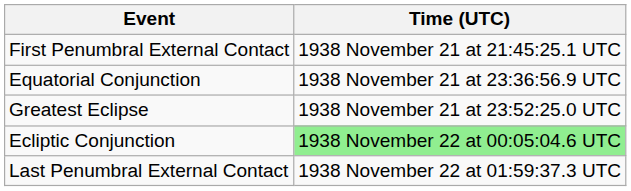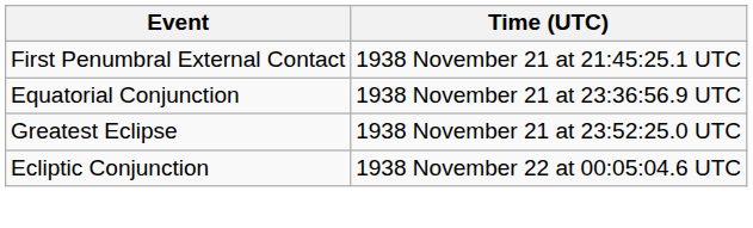 <table class="wikitable">
 <tr>
 <th>Event</th>
 <th>Time (UTC)</th>
 </tr>
 <tr>
 <td>First Penumbral External Contact</td>
 <td>1938 November 21 at 21:45:25.1 UTC</td>
 </tr>
 <tr>
 <td>Equatorial Conjunction</td>
 <td>1938 November 21 at 23:36:56.9 UTC</td>
 </tr>
 <tr>
 <td>Greatest Eclipse</td>
 <td>1938 November 21 at 23:52:25.0 UTC</td>
 </tr>
 <tr>
 <td>Ecliptic Conjunction</td>
-<td style="background: lightgreen;">1938 November 22 at 00:05:04.6 UTC</td>
-</tr>
-<tr>
-<td>Last Penumbral External Contact</td>
-<td>1938 November 22 at 01:59:37.3 UTC</td>
+<td>1938 November 22 at 00:05:04.6 UTC</td>
 </tr>
 </table>
